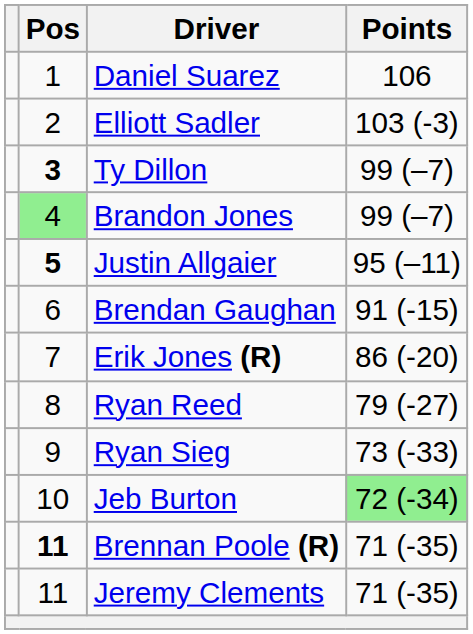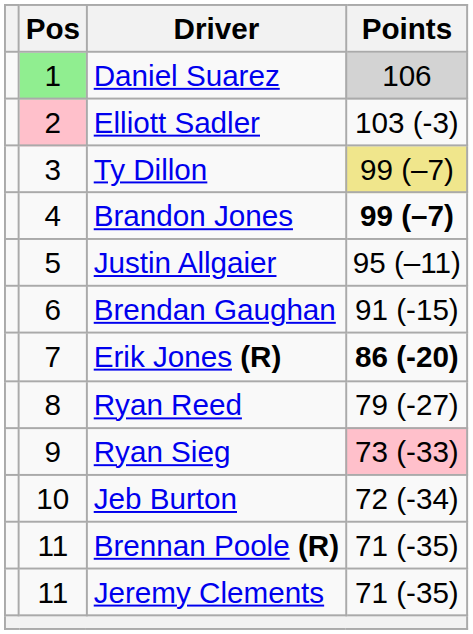 <table class="wikitable" style="font-size: 95%;">
 <tr>
 <th></th>
 <th>Pos</th>
 <th>Driver</th>
 <th>Points</th>
 </tr>
 <tr>
 <td align="left"></td>
-<td style="text-align:center;">1</td>
+<td style="background: lightgreen; text-align:center;">1</td>
 <td><a href='#'>Daniel Suarez</a></td>
-<td style="text-align:center;">106</td>
+<td style="background: lightgrey; text-align:center;">106</td>
 </tr>
 <tr>
 <td align="left"></td>
-<td style="text-align:center;">2</td>
+<td style="background: pink; text-align:center;">2</td>
 <td><a href='#'>Elliott Sadler</a></td>
 <td style="text-align:center;">103 (-3)</td>
 </tr>
 <tr>
 <td align="left"></td>
-<td style="text-align:center;"><strong>3</strong></td>
+<td style="text-align:center;">3</td>
 <td><a href='#'>Ty Dillon</a></td>
-<td style="text-align:center;">99 (–7)</td>
+<td style="background: khaki; text-align:center;">99 (–7)</td>
 </tr>
 <tr>
 <td align="left"></td>
-<td style="background: lightgreen; text-align:center;">4</td>
+<td style="text-align:center;">4</td>
 <td><a href='#'>Brandon Jones</a></td>
-<td style="text-align:center;">99 (–7)</td>
+<td style="text-align:center;"><strong>99 (–7)</strong></td>
 </tr>
 <tr>
 <td align="left"></td>
-<td style="text-align:center;"><strong>5</strong></td>
+<td style="text-align:center;">5</td>
 <td><a href='#'>Justin Allgaier</a></td>
 <td style="text-align:center;">95 (–11)</td>
 </tr>
 <tr>
 <td align="left"></td>
 <td style="text-align:center;">6</td>
 <td><a href='#'>Brendan Gaughan</a></td>
 <td style="text-align:center;">91 (-15)</td>
 </tr>
 <tr>
 <td align="left"></td>
 <td style="text-align:center;">7</td>
 <td><a href='#'>Erik Jones</a> <strong>(R)</strong></td>
-<td style="text-align:center;">86 (-20)</td>
+<td style="text-align:center;"><strong>86 (-20)</strong></td>
 </tr>
 <tr>
 <td align="left"></td>
 <td style="text-align:center;">8</td>
 <td><a href='#'>Ryan Reed</a></td>
 <td style="text-align:center;">79 (-27)</td>
 </tr>
 <tr>
 <td align="left"></td>
 <td style="text-align:center;">9</td>
 <td><a href='#'>Ryan Sieg</a></td>
-<td style="text-align:center;">73 (-33)</td>
+<td style="background: pink; text-align:center;">73 (-33)</td>
 </tr>
 <tr>
 <td align="left"></td>
 <td style="text-align:center;">10</td>
 <td><a href='#'>Jeb Burton</a></td>
-<td style="background: lightgreen; text-align:center;">72 (-34)</td>
+<td style="text-align:center;">72 (-34)</td>
 </tr>
 <tr>
 <td align="left"></td>
-<td style="text-align:center;"><strong>11</strong></td>
+<td style="text-align:center;">11</td>
 <td><a href='#'>Brennan Poole</a> <strong>(R)</strong></td>
 <td style="text-align:center;">71 (-35)</td>
 </tr>
 <tr>
 <td align="left"></td>
 <td style="text-align:center;">11</td>
 <td><a href='#'>Jeremy Clements</a></td>
 <td style="text-align:center;">71 (-35)</td>
 </tr>
 <tr class="sortbottom">
 <th colspan="9"></th>
 </tr>
 </table>
